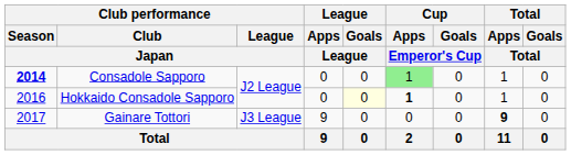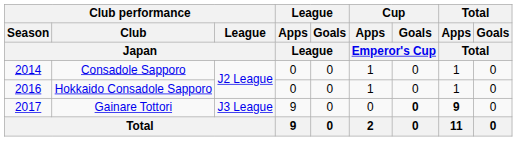 <table class="wikitable" style="text-align:center;">
 <tr>
 <th colspan=3>Club performance</th>
 <th colspan=2>League</th>
 <th colspan=2>Cup</th>
 <th colspan=2>Total</th>
 </tr>
 <tr>
 <th>Season</th>
 <th>Club</th>
 <th>League</th>
 <th>Apps</th>
 <th>Goals</th>
 <th>Apps</th>
 <th>Goals</th>
 <th>Apps</th>
 <th>Goals</th>
 </tr>
 <tr>
 <th colspan=3>Japan</th>
 <th colspan=2>League</th>
 <th colspan=2><a href='#'>Emperor's Cup</a></th>
 <th colspan=2>Total</th>
 </tr>
 <tr>
-<td><strong><a href='#'>2014</a></strong></td>
+<td><a href='#'>2014</a></td>
 <td><a href='#'>Consadole Sapporo</a></td>
 <td rowspan="2"><a href='#'>J2 League</a></td>
 <td>0</td>
 <td>0</td>
-<td style="background: lightgreen;">1</td>
+<td>1</td>
 <td>0</td>
 <td>1</td>
 <td>0</td>
 </tr>
 <tr>
 <td><a href='#'>2016</a></td>
 <td><a href='#'>Hokkaido Consadole Sapporo</a></td>
 <td>0</td>
-<td style="background: lightyellow;">0</td>
-<td><strong>1</strong></td>
+<td>0</td>
+<td>1</td>
 <td>0</td>
 <td>1</td>
 <td>0</td>
 </tr>
 <tr>
 <td><a href='#'>2017</a></td>
 <td rowspan="1"><a href='#'>Gainare Tottori</a></td>
 <td rowspan="1"><a href='#'>J3 League</a></td>
 <td>9</td>
 <td>0</td>
 <td>0</td>
-<td>0</td>
+<td><strong>0</strong></td>
 <td><strong>9</strong></td>
 <td>0</td>
 </tr>
 <tr>
 <th colspan=3>Total</th>
 <th>9</th>
 <th>0</th>
 <th>2</th>
 <th>0</th>
 <th>11</th>
 <th>0</th>
 </tr>
 </table>
